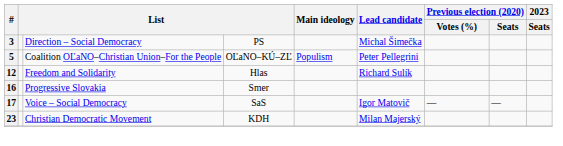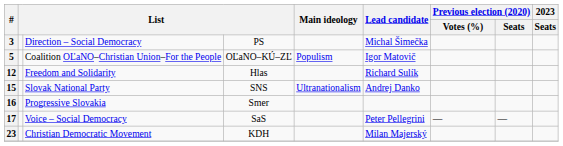 <table class="wikitable sortable">
 <tr>
 <th rowspan="2">#</th>
 <th colspan="3" rowspan="2">List</th>
 <th rowspan="2">Main ideology</th>
 <th rowspan="2"><a href='#'>Lead candidate</a></th>
 <th colspan="2"><a href='#'>Previous election (2020)</a></th>
 <th>2023</th>
 </tr>
 <tr>
 <th>Votes (%)</th>
 <th><strong>Seats</strong></th>
 <th>Seats</th>
 </tr>
 <tr>
 <th>3</th>
 <td style="background:"></td>
 <td><a href='#'>Direction – Social Democracy</a></td>
 <td style="text-align:center;">PS</td>
 <td></td>
 <td><a href='#'>Michal Šimečka</a></td>
 <td></td>
 <td></td>
 <td></td>
 </tr>
 <tr>
 <th>5</th>
 <td style="background:"></td>
 <td>Coalition <a href='#'>OĽaNO</a>–<a href='#'>Christian Union</a>–<a href='#'>For the People</a></td>
 <td style="text-align:center;">OĽaNO–KÚ–ZĽ</td>
 <td><a href='#'>Populism</a></td>
-<td><a href='#'>Peter Pellegrini</a></td>
+<td><a href='#'>Igor Matovič</a></td>
 <td></td>
 <td></td>
 <td></td>
 </tr>
 <tr>
 <th>12</th>
 <td style="background:"></td>
 <td><a href='#'>Freedom and Solidarity</a></td>
 <td style="text-align:center;">Hlas</td>
 <td></td>
 <td><a href='#'>Richard Sulík</a></td>
+<td></td>
+<td></td>
+<td></td>
+</tr>
+<tr>
+<th>15</th>
+<td style="background:"></td>
+<td><a href='#'>Slovak National Party</a></td>
+<td style="text-align:center;">SNS</td>
+<td><a href='#'>Ultranationalism</a></td>
+<td><a href='#'>Andrej Danko</a></td>
 <td></td>
 <td></td>
 <td></td>
 </tr>
 <tr>
 <th scope="row">16</th>
 <td style="background:"></td>
 <td><a href='#'>Progressive Slovakia</a></td>
 <td style="text-align:center;">Smer</td>
 <td></td>
 <td></td>
 <td></td>
 <td></td>
 <td></td>
 </tr>
 <tr>
 <th>17</th>
 <td style="background:"></td>
 <td><a href='#'>Voice – Social Democracy</a></td>
 <td style="text-align:center;">SaS</td>
 <td></td>
-<td><a href='#'>Igor Matovič</a></td>
+<td><a href='#'>Peter Pellegrini</a></td>
 <td>—</td>
 <td>—</td>
 <td></td>
 </tr>
 <tr>
 <th>23</th>
 <td style="background:"></td>
 <td><a href='#'>Christian Democratic Movement</a></td>
 <td style="text-align:center;">KDH</td>
 <td></td>
 <td><a href='#'>Milan Majerský</a></td>
 <td></td>
 <td></td>
 <td></td>
 </tr>
 <tr>
 </tr>
 </table>
